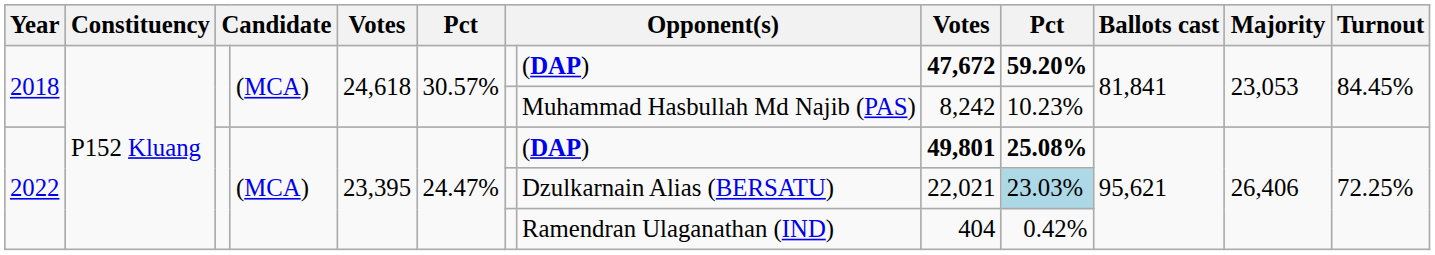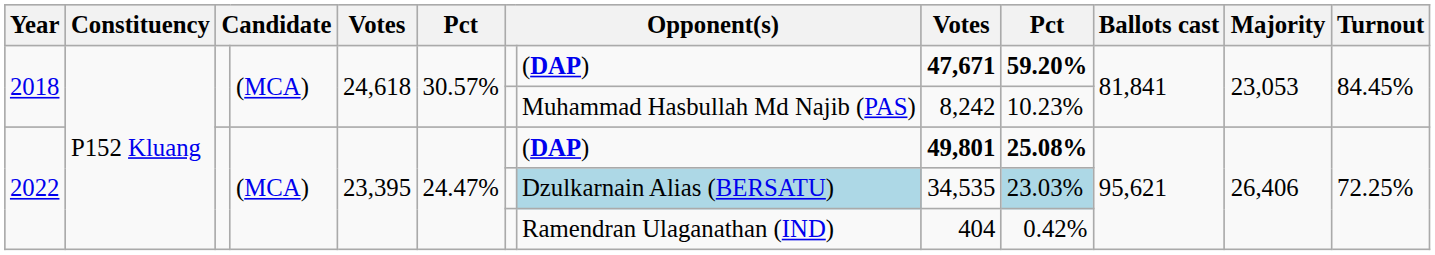 <table class="wikitable" style="margin:0.5em ; font-size:95%">
 <tr>
 <th>Year</th>
 <th>Constituency</th>
 <th colspan=2>Candidate</th>
 <th>Votes</th>
 <th>Pct</th>
 <th colspan=2>Opponent(s)</th>
 <th>Votes</th>
 <th>Pct</th>
 <th>Ballots cast</th>
 <th>Majority</th>
 <th>Turnout</th>
 </tr>
 <tr>
 <td rowspan="2"><a href='#'>2018</a></td>
 <td rowspan=5>P152 <a href='#'>Kluang</a></td>
 <td rowspan="2" ></td>
 <td rowspan="2"> (<a href='#'>MCA</a>)</td>
 <td rowspan="2" align="right">24,618</td>
 <td rowspan="2">30.57%</td>
 <td></td>
 <td> (<a href='#'><strong>DAP</strong></a>)</td>
-<td align="right"><strong>47,672</strong></td>
+<td align="right"><strong>47,671</strong></td>
 <td><strong>59.20%</strong></td>
 <td rowspan="2">81,841</td>
 <td rowspan="2">23,053</td>
 <td rowspan="2">84.45%</td>
 </tr>
 <tr>
 <td></td>
 <td>Muhammad Hasbullah Md Najib (<a href='#'>PAS</a>)</td>
 <td align="right">8,242</td>
 <td>10.23%</td>
 </tr>
 <tr>
 <td rowspan=3><a href='#'>2022</a></td>
 <td rowspan=3 ></td>
 <td rowspan=3> (<a href='#'>MCA</a>)</td>
 <td rowspan=3 align="right">23,395</td>
 <td rowspan=3>24.47%</td>
 <td></td>
 <td> (<a href='#'><strong>DAP</strong></a>)</td>
 <td align="right"><strong>49,801</strong></td>
 <td><strong>25.08%</strong></td>
 <td rowspan=3>95,621</td>
 <td rowspan=3>26,406</td>
 <td rowspan=3>72.25%</td>
 </tr>
 <tr>
 <td bgcolor=></td>
-<td>Dzulkarnain Alias (<a href='#'>BERSATU</a>)</td>
-<td align="right">22,021</td>
+<td style="background: lightblue;">Dzulkarnain Alias (<a href='#'>BERSATU</a>)</td>
+<td align="right">34,535</td>
 <td style="background: lightblue;">23.03%</td>
 </tr>
 <tr>
 <td></td>
 <td>Ramendran Ulaganathan (<a href='#'>IND</a>)</td>
 <td align=right>404</td>
 <td align=right>0.42%</td>
 </tr>
 </table>
